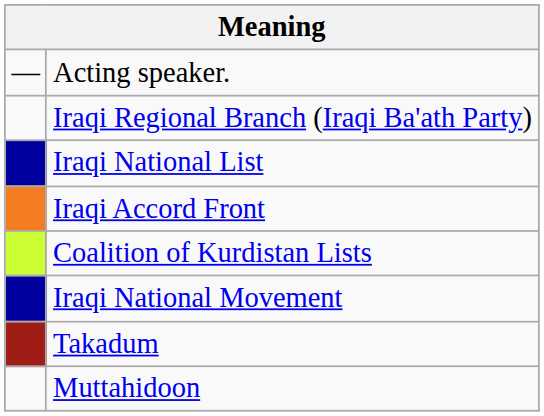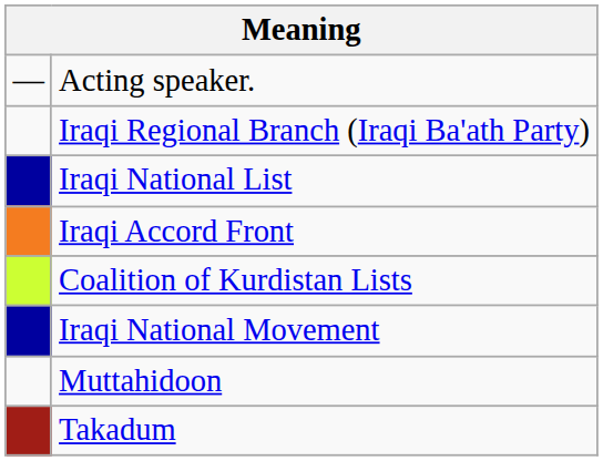 <table class="wikitable plainrowheaders" border="1">
 <tr>
 <th colspan="2" scope="col">Meaning</th>
 </tr>
 <tr>
 <td align=center style="background-color:Transparent">—</td>
 <td>Acting speaker.</td>
 </tr>
 <tr>
 <td align=center style="background-color:"></td>
 <td><a href='#'>Iraqi Regional Branch</a> (<a href='#'>Iraqi Ba'ath Party</a>)</td>
 </tr>
 <tr>
 <td align=center style="background-color:#00009F; color:white;"></td>
 <td><a href='#'>Iraqi National List</a></td>
 </tr>
 <tr>
 <td align=center style="background-color:#F47C20; color:white;"></td>
 <td><a href='#'>Iraqi Accord Front</a></td>
 </tr>
 <tr>
 <td align=center style="background-color:#CCFF33; color:white;"></td>
 <td><a href='#'>Coalition of Kurdistan Lists</a></td>
 </tr>
 <tr>
 <td align=center style="background-color:#00009F; color:white;"></td>
 <td><a href='#'>Iraqi National Movement</a></td>
 </tr>
 <tr>
+<td align=center style="background-color:"></td>
+<td><a href='#'>Muttahidoon</a></td>
+</tr>
+<tr>
 <td align=center style="background-color:#a01d16; color:white;"></td>
 <td><a href='#'>Takadum</a></td>
 </tr>
-<tr>
-<td align=center style="background-color:"></td>
-<td><a href='#'>Muttahidoon</a></td>
-</tr>
 </table>
